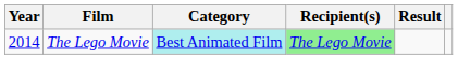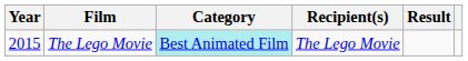 <table class="wikitable">
 <tr>
 <th>Year</th>
 <th>Film</th>
 <th>Category</th>
 <th>Recipient(s)</th>
 <th>Result</th>
 <th></th>
 </tr>
 <tr>
-<td><a href='#'>2014</a></td>
+<td><a href='#'>2015</a></td>
 <td data-sort-value="Lego Movie, The"><em><a href='#'>The Lego Movie</a></em></td>
 <td style="background: paleturquoise;"><a href='#'>Best Animated Film</a></td>
-<td style="background: lightgreen;"><em><a href='#'>The Lego Movie</a></em></td>
+<td><em><a href='#'>The Lego Movie</a></em></td>
 <td></td>
 <td style="text-align:center;"></td>
 </tr>
 </table>
